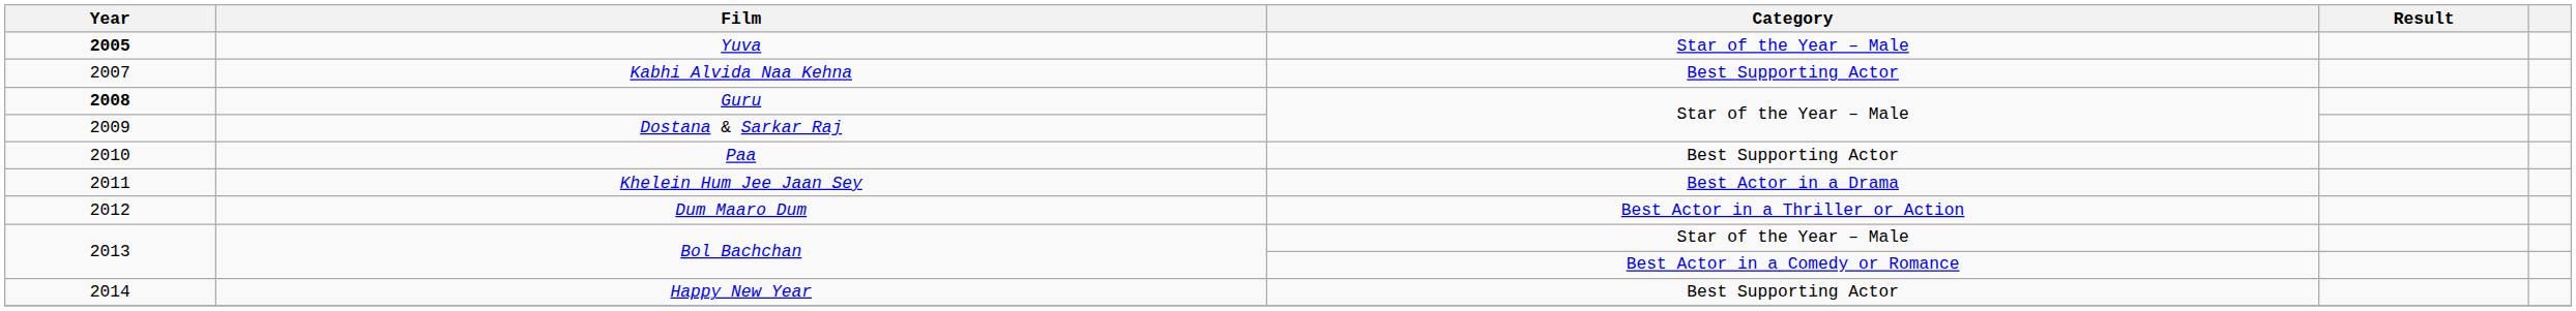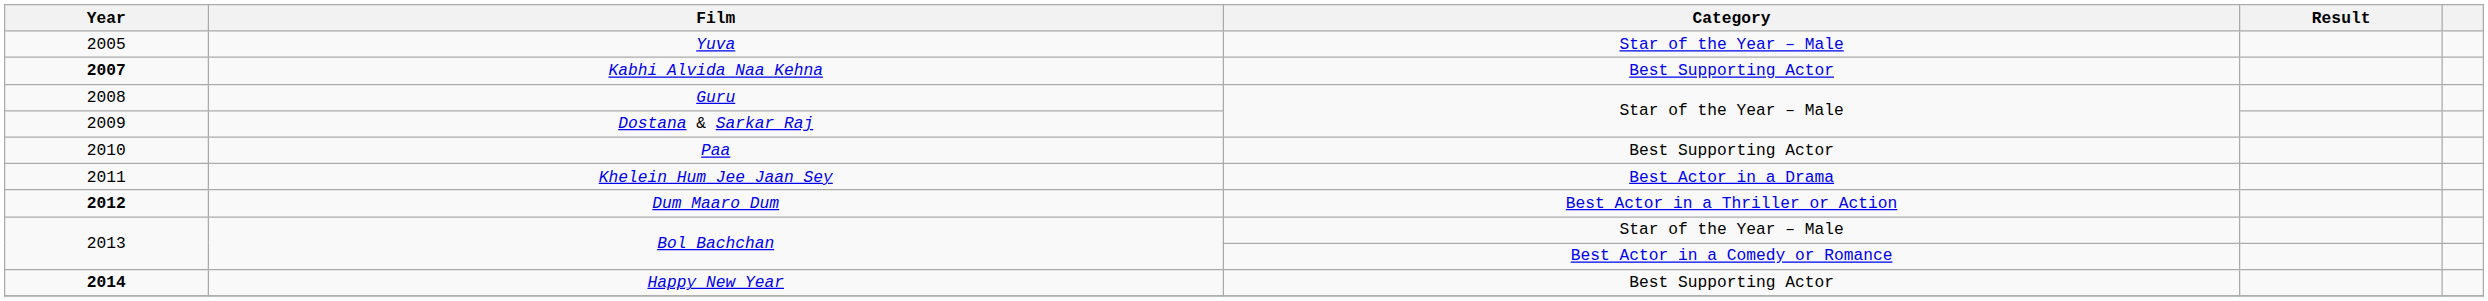 <table class="wikitable sortable" style="width:100%;">
 <tr>
 <th style="width:5%;">Year</th>
 <th style="width:25%;">Film</th>
 <th style="width:25%;">Category</th>
 <th style="width:5%;">Result</th>
 <th style="width:1%;" class="unsortable"></th>
 </tr>
 <tr>
-<td style="text-align:center;"><strong>2005</strong></td>
+<td style="text-align:center;">2005</td>
 <td style="text-align:center;"><em><a href='#'>Yuva</a></em></td>
 <td style="text-align:center;"><a href='#'>Star of the Year – Male</a></td>
 <td></td>
 <td style="text-align:center;"></td>
 </tr>
 <tr>
-<td style="text-align:center;">2007</td>
+<td style="text-align:center;"><strong>2007</strong></td>
 <td style="text-align:center;"><em><a href='#'>Kabhi Alvida Naa Kehna</a></em></td>
 <td style="text-align:center;"><a href='#'>Best Supporting Actor</a></td>
 <td></td>
 <td style="text-align:center;"></td>
 </tr>
 <tr>
-<td style="text-align:center;"><strong>2008</strong></td>
+<td style="text-align:center;">2008</td>
 <td style="text-align:center;"><em><a href='#'>Guru</a></em></td>
 <td style="text-align:center;" rowspan="2">Star of the Year – Male</td>
 <td></td>
 <td style="text-align:center;"></td>
 </tr>
 <tr>
 <td style="text-align:center;">2009</td>
 <td style="text-align:center;"><em><a href='#'>Dostana</a></em> & <em><a href='#'>Sarkar Raj</a></em></td>
 <td></td>
 <td style="text-align:center;"></td>
 </tr>
 <tr>
 <td style="text-align:center;">2010</td>
 <td style="text-align:center;"><em><a href='#'>Paa</a></em></td>
 <td style="text-align:center;">Best Supporting Actor</td>
 <td></td>
 <td style="text-align:center;"></td>
 </tr>
 <tr>
 <td style="text-align:center;">2011</td>
 <td style="text-align:center;"><em><a href='#'>Khelein Hum Jee Jaan Sey</a></em></td>
 <td style="text-align:center;"><a href='#'>Best Actor in a Drama</a></td>
 <td></td>
 <td style="text-align:center;"></td>
 </tr>
 <tr>
-<td style="text-align:center;">2012</td>
+<td style="text-align:center;"><strong>2012</strong></td>
 <td style="text-align:center;"><em><a href='#'>Dum Maaro Dum</a></em></td>
 <td style="text-align:center;"><a href='#'>Best Actor in a Thriller or Action</a></td>
 <td></td>
 <td style="text-align:center;"></td>
 </tr>
 <tr>
 <td style="text-align:center;" rowspan="2">2013</td>
 <td style="text-align:center;" rowspan="2"><em><a href='#'>Bol Bachchan</a></em></td>
 <td style="text-align:center;">Star of the Year – Male</td>
 <td></td>
 <td style="text-align:center;"></td>
 </tr>
 <tr>
 <td style="text-align:center;"><a href='#'>Best Actor in a Comedy or Romance</a></td>
 <td></td>
 <td style="text-align:center;"></td>
 </tr>
 <tr>
-<td style="text-align:center;">2014</td>
+<td style="text-align:center;"><strong>2014</strong></td>
 <td style="text-align:center;"><em><a href='#'>Happy New Year</a></em></td>
 <td style="text-align:center;">Best Supporting Actor</td>
 <td></td>
 <td style="text-align:center;"></td>
 </tr>
 <tr>
 </tr>
 </table>
